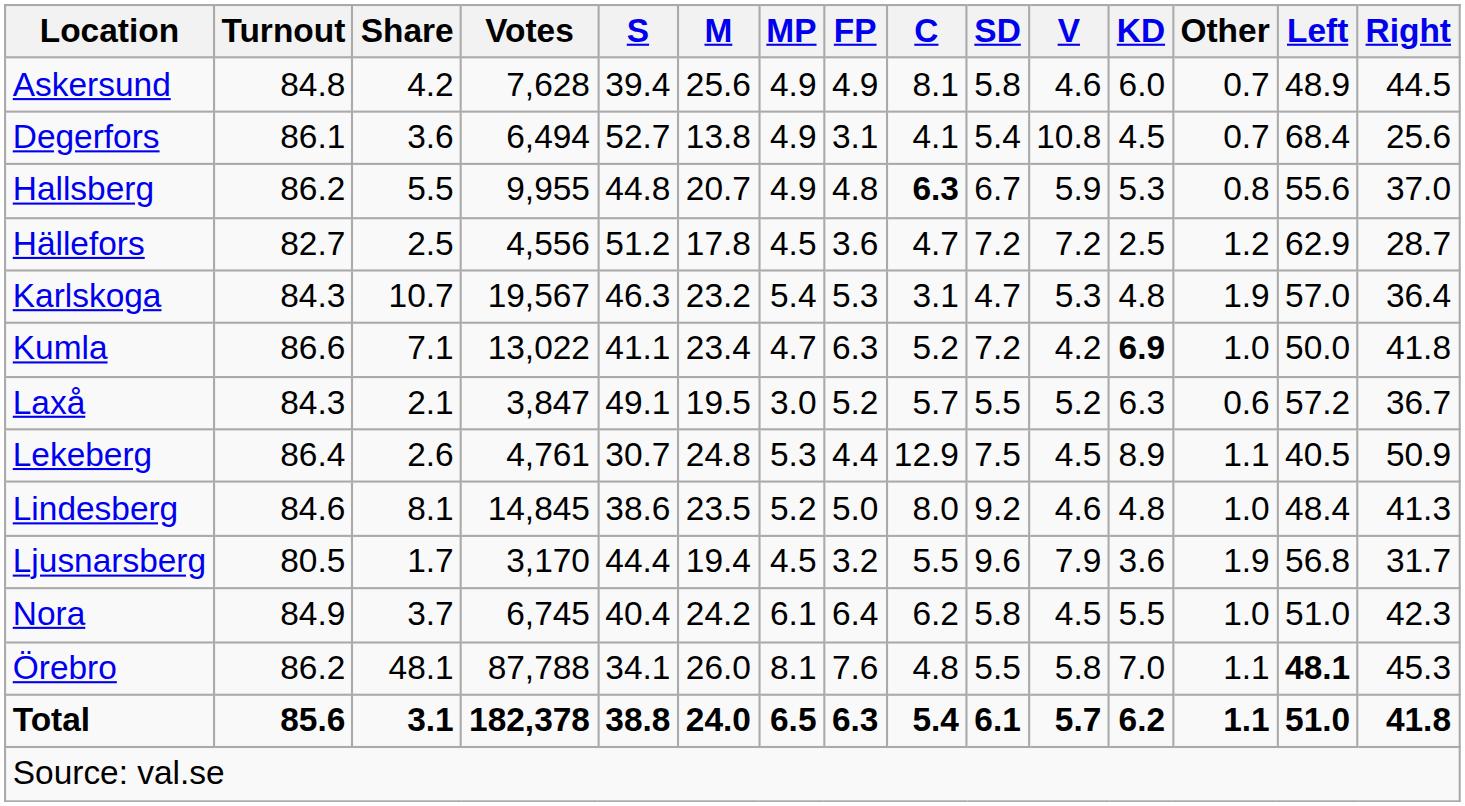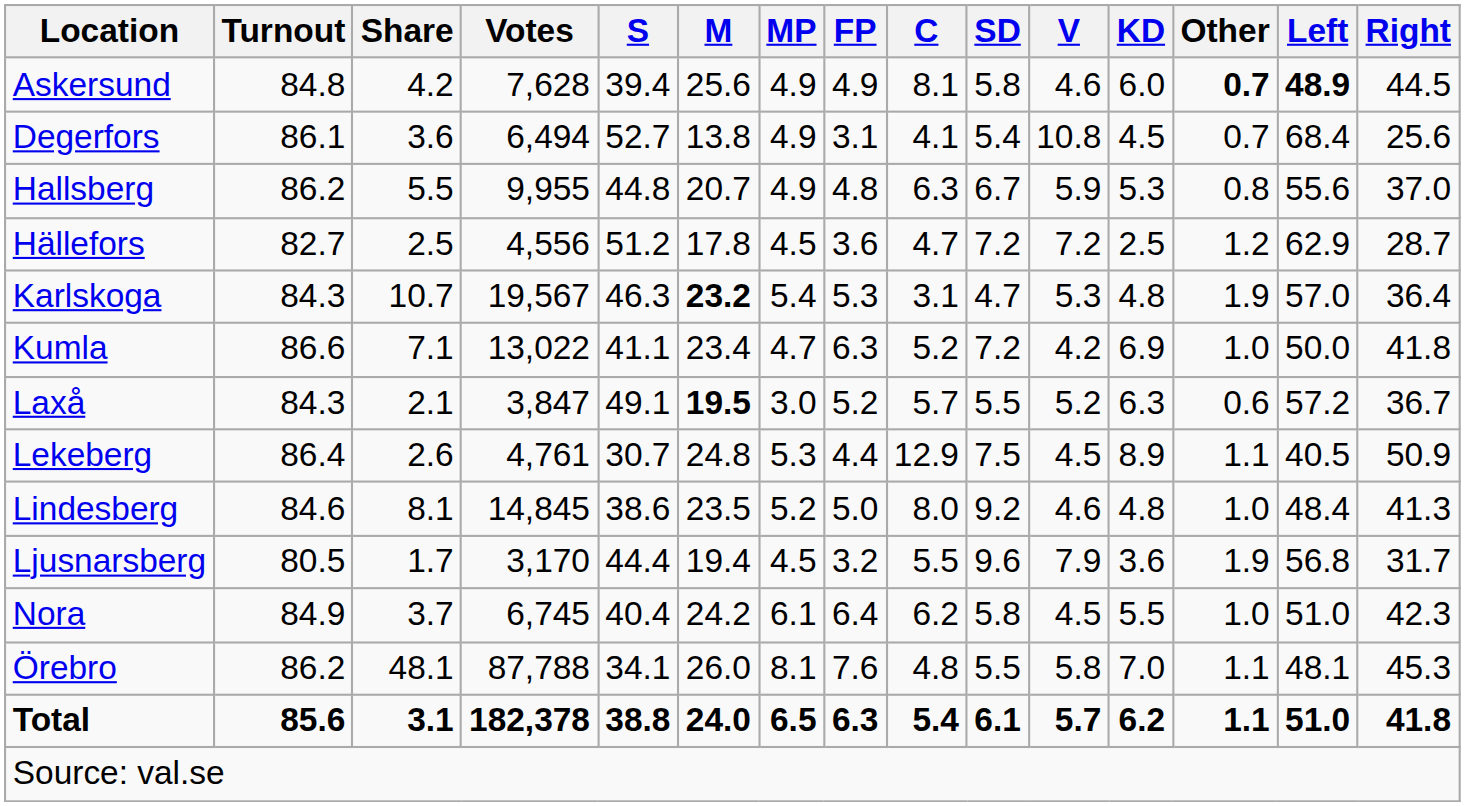 <table class="wikitable sortable" style=text-align:right>
 <tr>
 <th>Location</th>
 <th>Turnout</th>
 <th>Share</th>
 <th>Votes</th>
 <th><a href='#'>S</a></th>
 <th><a href='#'>M</a></th>
 <th><a href='#'>MP</a></th>
 <th><a href='#'>FP</a></th>
 <th><a href='#'>C</a></th>
 <th><a href='#'>SD</a></th>
 <th><a href='#'>V</a></th>
 <th><a href='#'>KD</a></th>
 <th>Other</th>
 <th><a href='#'>Left</a></th>
 <th><a href='#'>Right</a></th>
 </tr>
 <tr>
 <td align=left><a href='#'>Askersund</a></td>
 <td>84.8</td>
 <td>4.2</td>
 <td>7,628</td>
 <td>39.4</td>
 <td>25.6</td>
 <td>4.9</td>
 <td>4.9</td>
 <td>8.1</td>
 <td>5.8</td>
 <td>4.6</td>
 <td>6.0</td>
-<td>0.7</td>
-<td>48.9</td>
+<td><strong>0.7</strong></td>
+<td><strong>48.9</strong></td>
 <td>44.5</td>
 </tr>
 <tr>
 <td align=left><a href='#'>Degerfors</a></td>
 <td>86.1</td>
 <td>3.6</td>
 <td>6,494</td>
 <td>52.7</td>
 <td>13.8</td>
 <td>4.9</td>
 <td>3.1</td>
 <td>4.1</td>
 <td>5.4</td>
 <td>10.8</td>
 <td>4.5</td>
 <td>0.7</td>
 <td>68.4</td>
 <td>25.6</td>
 </tr>
 <tr>
 <td align=left><a href='#'>Hallsberg</a></td>
 <td>86.2</td>
 <td>5.5</td>
 <td>9,955</td>
 <td>44.8</td>
 <td>20.7</td>
 <td>4.9</td>
 <td>4.8</td>
-<td><strong>6.3</strong></td>
+<td>6.3</td>
 <td>6.7</td>
 <td>5.9</td>
 <td>5.3</td>
 <td>0.8</td>
 <td>55.6</td>
 <td>37.0</td>
 </tr>
 <tr>
 <td align=left><a href='#'>Hällefors</a></td>
 <td>82.7</td>
 <td>2.5</td>
 <td>4,556</td>
 <td>51.2</td>
 <td>17.8</td>
 <td>4.5</td>
 <td>3.6</td>
 <td>4.7</td>
 <td>7.2</td>
 <td>7.2</td>
 <td>2.5</td>
 <td>1.2</td>
 <td>62.9</td>
 <td>28.7</td>
 </tr>
 <tr>
 <td align=left><a href='#'>Karlskoga</a></td>
 <td>84.3</td>
 <td>10.7</td>
 <td>19,567</td>
 <td>46.3</td>
-<td>23.2</td>
+<td><strong>23.2</strong></td>
 <td>5.4</td>
 <td>5.3</td>
 <td>3.1</td>
 <td>4.7</td>
 <td>5.3</td>
 <td>4.8</td>
 <td>1.9</td>
 <td>57.0</td>
 <td>36.4</td>
 </tr>
 <tr>
 <td align=left><a href='#'>Kumla</a></td>
 <td>86.6</td>
 <td>7.1</td>
 <td>13,022</td>
 <td>41.1</td>
 <td>23.4</td>
 <td>4.7</td>
 <td>6.3</td>
 <td>5.2</td>
 <td>7.2</td>
 <td>4.2</td>
-<td><strong>6.9</strong></td>
+<td>6.9</td>
 <td>1.0</td>
 <td>50.0</td>
 <td>41.8</td>
 </tr>
 <tr>
 <td align=left><a href='#'>Laxå</a></td>
 <td>84.3</td>
 <td>2.1</td>
 <td>3,847</td>
 <td>49.1</td>
-<td>19.5</td>
+<td><strong>19.5</strong></td>
 <td>3.0</td>
 <td>5.2</td>
 <td>5.7</td>
 <td>5.5</td>
 <td>5.2</td>
 <td>6.3</td>
 <td>0.6</td>
 <td>57.2</td>
 <td>36.7</td>
 </tr>
 <tr>
 <td align=left><a href='#'>Lekeberg</a></td>
 <td>86.4</td>
 <td>2.6</td>
 <td>4,761</td>
 <td>30.7</td>
 <td>24.8</td>
 <td>5.3</td>
 <td>4.4</td>
 <td>12.9</td>
 <td>7.5</td>
 <td>4.5</td>
 <td>8.9</td>
 <td>1.1</td>
 <td>40.5</td>
 <td>50.9</td>
 </tr>
 <tr>
 <td align=left><a href='#'>Lindesberg</a></td>
 <td>84.6</td>
 <td>8.1</td>
 <td>14,845</td>
 <td>38.6</td>
 <td>23.5</td>
 <td>5.2</td>
 <td>5.0</td>
 <td>8.0</td>
 <td>9.2</td>
 <td>4.6</td>
 <td>4.8</td>
 <td>1.0</td>
 <td>48.4</td>
 <td>41.3</td>
 </tr>
 <tr>
 <td align=left><a href='#'>Ljusnarsberg</a></td>
 <td>80.5</td>
 <td>1.7</td>
 <td>3,170</td>
 <td>44.4</td>
 <td>19.4</td>
 <td>4.5</td>
 <td>3.2</td>
 <td>5.5</td>
 <td>9.6</td>
 <td>7.9</td>
 <td>3.6</td>
 <td>1.9</td>
 <td>56.8</td>
 <td>31.7</td>
 </tr>
 <tr>
 <td align=left><a href='#'>Nora</a></td>
 <td>84.9</td>
 <td>3.7</td>
 <td>6,745</td>
 <td>40.4</td>
 <td>24.2</td>
 <td>6.1</td>
 <td>6.4</td>
 <td>6.2</td>
 <td>5.8</td>
 <td>4.5</td>
 <td>5.5</td>
 <td>1.0</td>
 <td>51.0</td>
 <td>42.3</td>
 </tr>
 <tr>
 <td align=left><a href='#'>Örebro</a></td>
 <td>86.2</td>
 <td>48.1</td>
 <td>87,788</td>
 <td>34.1</td>
 <td>26.0</td>
 <td>8.1</td>
 <td>7.6</td>
 <td>4.8</td>
 <td>5.5</td>
 <td>5.8</td>
 <td>7.0</td>
 <td>1.1</td>
-<td><strong>48.1</strong></td>
+<td>48.1</td>
 <td>45.3</td>
 </tr>
 <tr>
 <td align=left><strong>Total</strong></td>
 <td><strong>85.6</strong></td>
 <td><strong>3.1</strong></td>
 <td><strong>182,378</strong></td>
 <td><strong>38.8</strong></td>
 <td><strong>24.0</strong></td>
 <td><strong>6.5</strong></td>
 <td><strong>6.3</strong></td>
 <td><strong>5.4</strong></td>
 <td><strong>6.1</strong></td>
 <td><strong>5.7</strong></td>
 <td><strong>6.2</strong></td>
 <td><strong>1.1</strong></td>
 <td><strong>51.0</strong></td>
 <td><strong>41.8</strong></td>
 </tr>
 <tr>
 <td align=left colspan=15>Source: val.se </td>
 </tr>
 </table>
